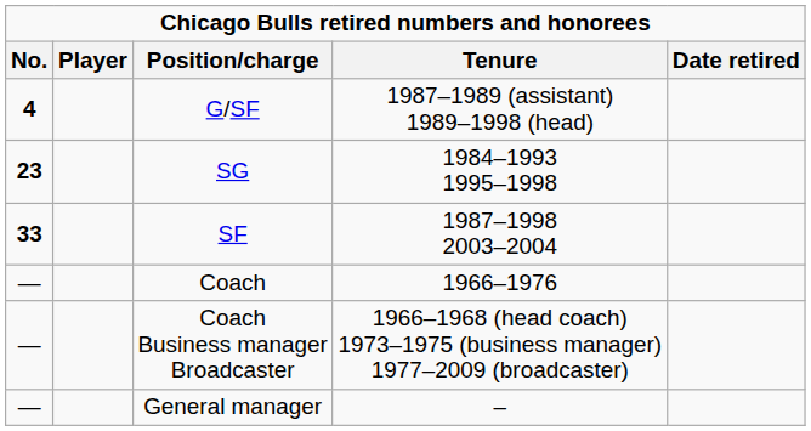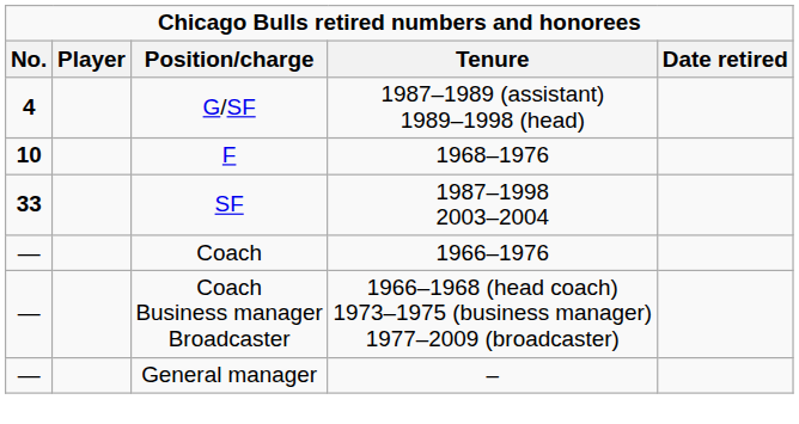 <table class="wikitable sortable" style="text-align:center">
 <tr>
 <td colspan="5"><strong>Chicago Bulls retired numbers and honorees</strong></td>
 </tr>
 <tr>
 <th>No.</th>
 <th>Player</th>
 <th>Position/charge</th>
 <th>Tenure</th>
 <th>Date retired</th>
 </tr>
 <tr>
 <td><strong>4</strong></td>
 <td></td>
 <td><a href='#'>G</a>/<a href='#'>SF</a></td>
 <td>1987–1989 (assistant)<br>1989–1998 (head)</td>
 <td></td>
 </tr>
 <tr>
-<td><strong>23</strong></td>
+<td><strong>10</strong></td>
 <td></td>
-<td><a href='#'>SG</a></td>
-<td>1984–1993<br>1995–1998</td>
+<td><a href='#'>F</a></td>
+<td>1968–1976</td>
 <td></td>
 </tr>
 <tr>
 <td><strong>33</strong></td>
 <td></td>
 <td><a href='#'>SF</a></td>
 <td>1987–1998<br>2003–2004</td>
 <td></td>
 </tr>
 <tr>
 <td>—</td>
 <td></td>
 <td>Coach</td>
 <td>1966–1976</td>
 <td></td>
 </tr>
 <tr>
 <td>—</td>
 <td></td>
 <td>Coach<br>Business manager<br>Broadcaster</td>
 <td>1966–1968 (head coach)<br>1973–1975 (business manager)<br>1977–2009 (broadcaster)</td>
 <td></td>
 </tr>
 <tr>
 <td>—</td>
 <td></td>
 <td>General manager</td>
 <td>–</td>
 <td></td>
 </tr>
 </table>
